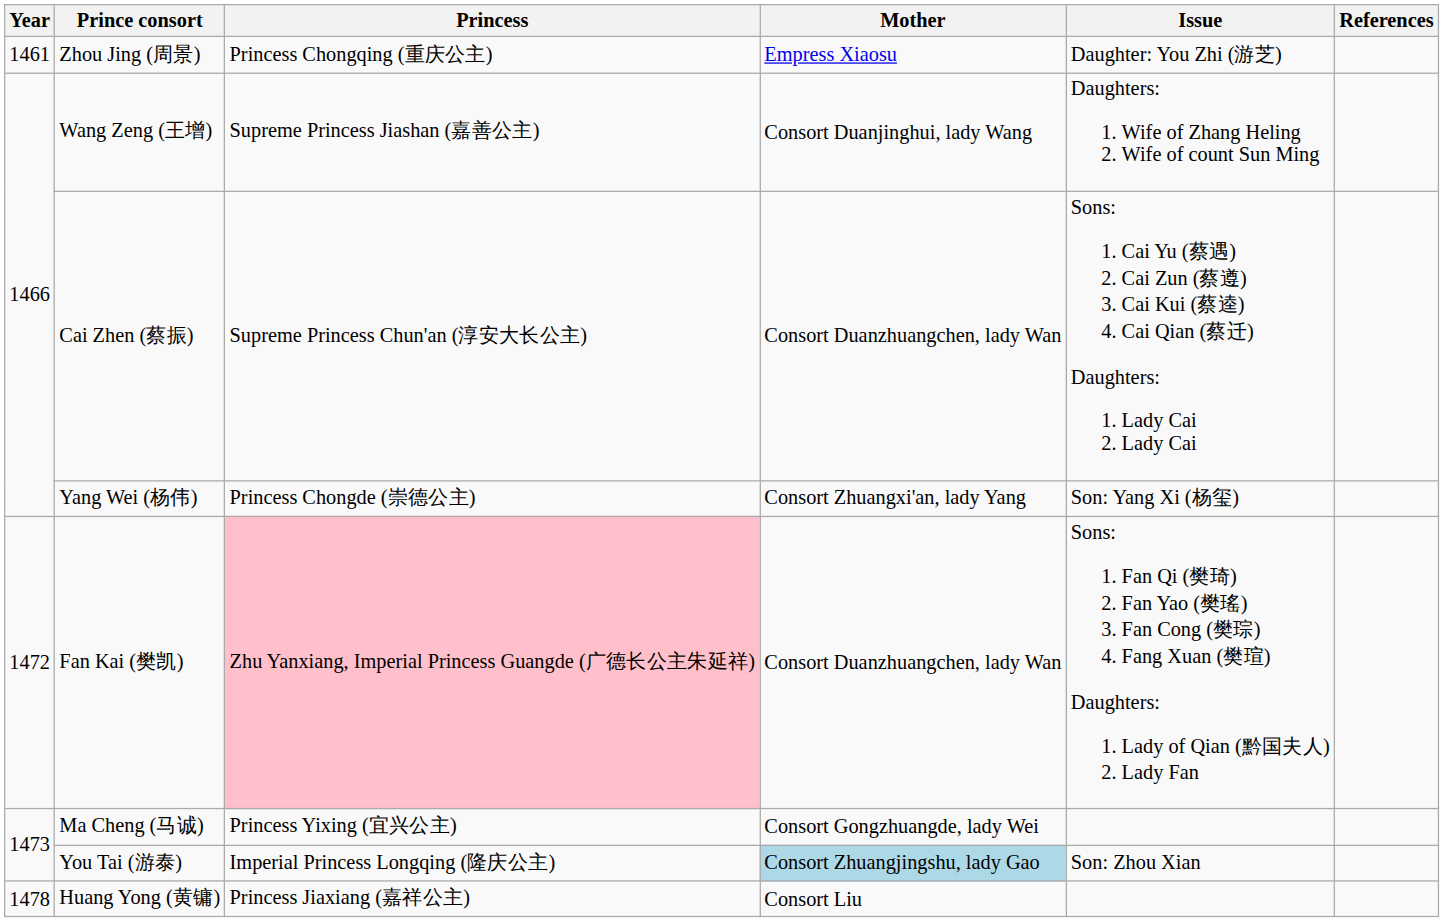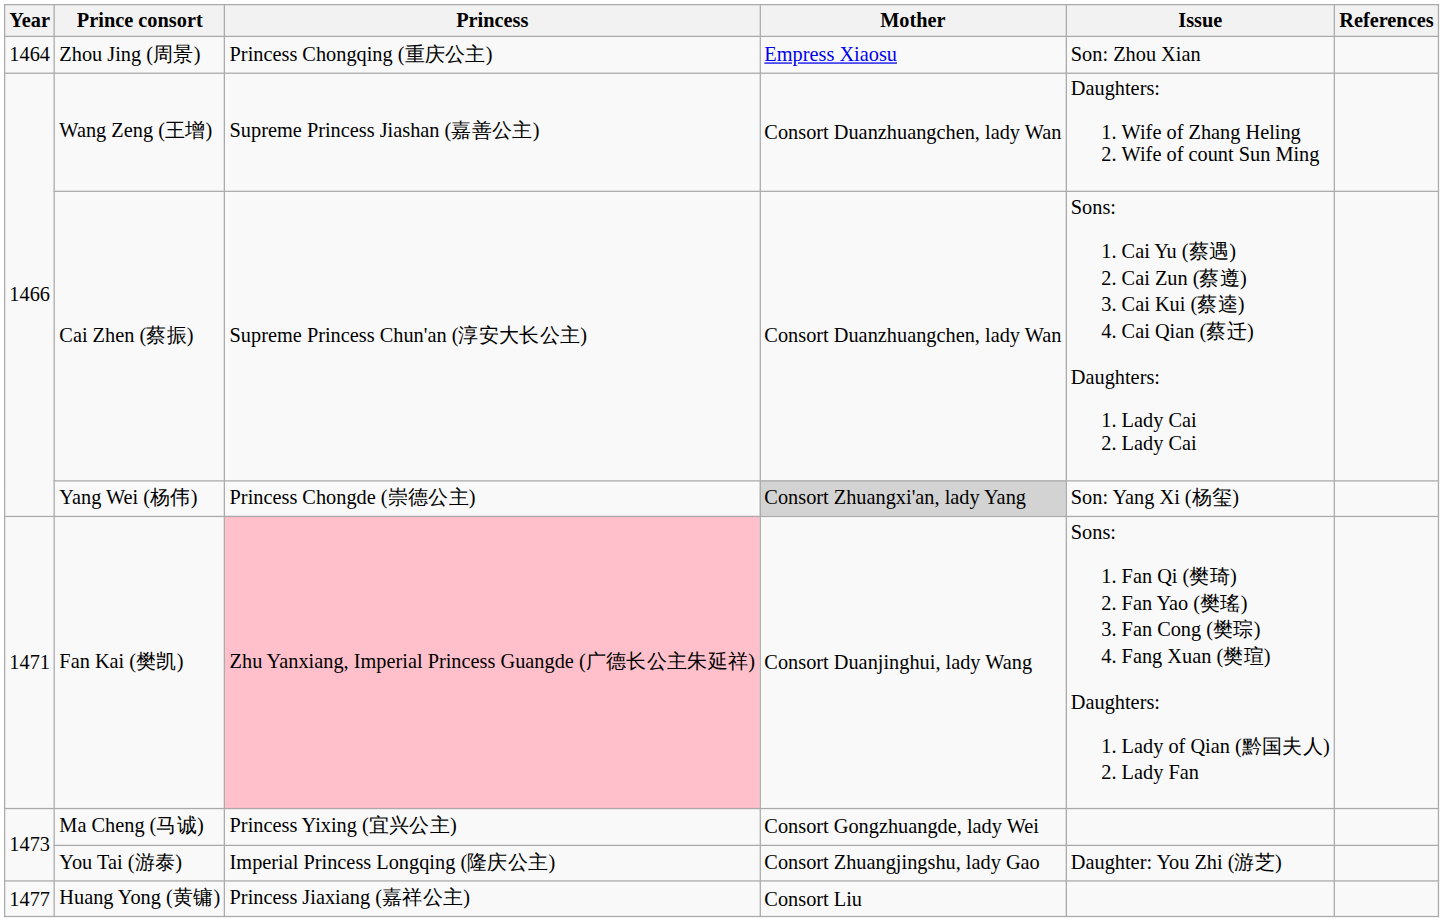 <table class="wikitable">
 <tr>
 <th>Year</th>
 <th>Prince consort</th>
 <th>Princess</th>
 <th>Mother</th>
 <th>Issue</th>
 <th>References</th>
 </tr>
 <tr>
-<td>1461</td>
+<td>1464</td>
 <td>Zhou Jing (周景)</td>
 <td>Princess Chongqing (重庆公主)</td>
 <td><a href='#'>Empress Xiaosu</a></td>
-<td>Daughter: You Zhi (游芝)</td>
+<td>Son: Zhou Xian</td>
 <td></td>
 </tr>
 <tr>
 <td rowspan="3">1466</td>
 <td>Wang Zeng (王增)</td>
 <td>Supreme Princess Jiashan (嘉善公主)</td>
-<td>Consort Duanjinghui, lady Wang</td>
+<td>Consort Duanzhuangchen, lady Wan</td>
 <td>Daughters:<br><ol><li>Wife of Zhang Heling</li><li>Wife of count Sun Ming</li></ol></td>
 <td></td>
 </tr>
 <tr>
 <td>Cai Zhen (蔡振)</td>
 <td>Supreme Princess Chun'an (淳安大长公主)</td>
 <td>Consort Duanzhuangchen, lady Wan</td>
 <td>Sons:<br><ol><li>Cai Yu (蔡遇)</li><li>Cai Zun (蔡遵)</li><li>Cai Kui (蔡逵)</li><li>Cai Qian  (蔡迁)</li></ol>Daughters:<ol><li>Lady Cai</li><li>Lady Cai</li></ol></td>
 <td></td>
 </tr>
 <tr>
 <td>Yang Wei (杨伟)</td>
 <td>Princess Chongde (崇德公主)</td>
-<td>Consort Zhuangxi'an, lady Yang</td>
+<td style="background: lightgrey;">Consort Zhuangxi'an, lady Yang</td>
 <td>Son: Yang Xi (杨玺)</td>
 <td></td>
 </tr>
 <tr>
-<td>1472</td>
+<td>1471</td>
 <td>Fan Kai (樊凯)</td>
 <td style="background: pink;">Zhu Yanxiang, Imperial Princess Guangde (广德长公主朱延祥)</td>
-<td>Consort Duanzhuangchen, lady Wan</td>
+<td>Consort Duanjinghui, lady Wang</td>
 <td>Sons:<br><ol><li>Fan Qi (樊琦)</li><li>Fan Yao (樊瑤)</li><li>Fan Cong (樊琮)</li><li>Fang Xuan (樊瑄)</li></ol>Daughters:<ol><li>Lady of Qian (黔国夫人)</li><li>Lady Fan</li></ol></td>
 <td></td>
 </tr>
 <tr>
 <td rowspan="2">1473</td>
 <td>Ma Cheng (马诚)</td>
 <td>Princess Yixing (宜兴公主)</td>
 <td>Consort Gongzhuangde, lady Wei</td>
 <td></td>
 <td></td>
 </tr>
 <tr>
 <td>You Tai (游泰)</td>
 <td>Imperial Princess Longqing (隆庆公主)</td>
-<td style="background: lightblue;">Consort Zhuangjingshu, lady Gao</td>
-<td>Son: Zhou Xian</td>
+<td>Consort Zhuangjingshu, lady Gao</td>
+<td>Daughter: You Zhi (游芝)</td>
 <td></td>
 </tr>
 <tr>
-<td>1478</td>
+<td>1477</td>
 <td>Huang Yong (黄镛)</td>
 <td>Princess Jiaxiang (嘉祥公主)</td>
 <td>Consort Liu</td>
 <td></td>
 <td></td>
 </tr>
 </table>
